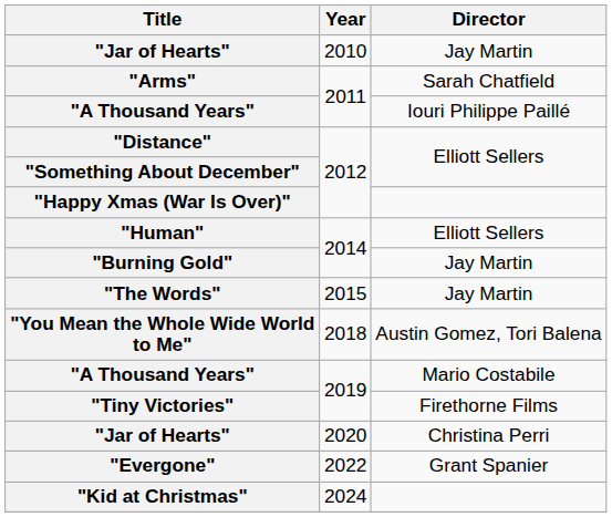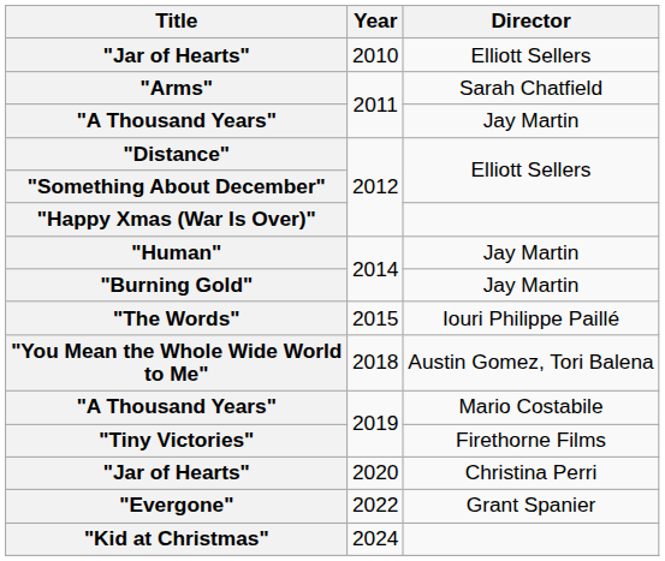 <table class="wikitable plainrowheaders" style="text-align:center;">
 <tr>
 <th style="width:16em;">Title</th>
 <th style="width:1em;">Year</th>
 <th>Director</th>
 </tr>
 <tr>
 <th scope="row">"Jar of Hearts"</th>
 <td>2010</td>
-<td>Jay Martin</td>
+<td>Elliott Sellers</td>
 </tr>
 <tr>
 <th scope="row">"Arms"</th>
 <td rowspan="2">2011</td>
 <td>Sarah Chatfield</td>
 </tr>
 <tr>
 <th scope="row">"A Thousand Years"</th>
-<td>Iouri Philippe Paillé</td>
+<td>Jay Martin</td>
 </tr>
 <tr>
 <th scope="row">"Distance"</th>
 <td rowspan="3">2012</td>
 <td rowspan="2">Elliott Sellers</td>
 </tr>
 <tr>
 <th scope="row">"Something About December"</th>
 </tr>
 <tr>
 <th scope="row">"Happy Xmas (War Is Over)"</th>
 <td></td>
 </tr>
 <tr>
 <th scope="row">"Human"</th>
 <td rowspan="2">2014</td>
-<td>Elliott Sellers</td>
+<td>Jay Martin</td>
 </tr>
 <tr>
 <th scope="row">"Burning Gold"</th>
 <td>Jay Martin</td>
 </tr>
 <tr>
 <th scope="row">"The Words"</th>
 <td>2015</td>
-<td>Jay Martin</td>
+<td>Iouri Philippe Paillé</td>
 </tr>
 <tr>
 <th scope="row">"You Mean the Whole Wide World to Me"</th>
 <td>2018</td>
 <td>Austin Gomez, Tori Balena</td>
 </tr>
 <tr>
 <th scope="row">"A Thousand Years" </th>
 <td rowspan="2">2019</td>
 <td>Mario Costabile</td>
 </tr>
 <tr>
 <th scope="row">"Tiny Victories"</th>
 <td>Firethorne Films</td>
 </tr>
 <tr>
 <th scope="row">"Jar of Hearts" </th>
 <td>2020</td>
 <td>Christina Perri</td>
 </tr>
 <tr>
 <th scope="row">"Evergone"</th>
 <td>2022</td>
 <td>Grant Spanier</td>
 </tr>
 <tr>
 <th scope="row">"Kid at Christmas" </th>
 <td>2024</td>
 <td></td>
 </tr>
 <tr>
 </tr>
 </table>
